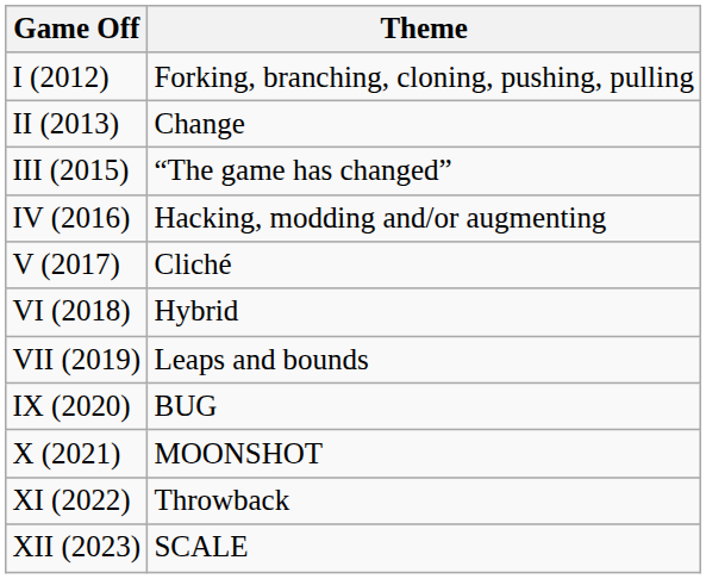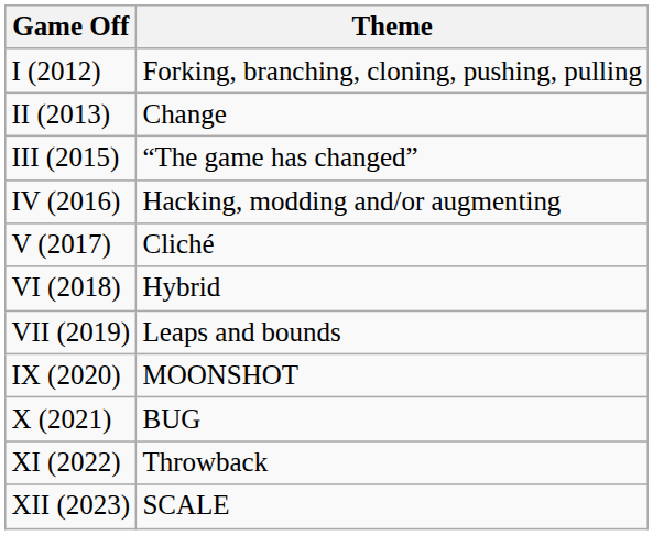 <table class="wikitable">
 <tr>
 <th>Game Off</th>
 <th>Theme</th>
 </tr>
 <tr>
 <td>I (2012)</td>
 <td>Forking, branching, cloning, pushing, pulling </td>
 </tr>
 <tr>
 <td>II (2013)</td>
 <td>Change </td>
 </tr>
 <tr>
 <td>III (2015)</td>
 <td>“The game has changed” </td>
 </tr>
 <tr>
 <td>IV (2016)</td>
 <td>Hacking, modding and/or augmenting </td>
 </tr>
 <tr>
 <td>V (2017)</td>
 <td>Cliché</td>
 </tr>
 <tr>
 <td>VI (2018)</td>
 <td>Hybrid</td>
 </tr>
 <tr>
 <td>VII (2019)</td>
 <td>Leaps and bounds</td>
 </tr>
 <tr>
 <td>IX (2020)</td>
-<td>BUG</td>
+<td>MOONSHOT</td>
 </tr>
 <tr>
 <td>X (2021)</td>
-<td>MOONSHOT</td>
+<td>BUG</td>
 </tr>
 <tr>
 <td>XI (2022)</td>
 <td>Throwback </td>
 </tr>
 <tr>
 <td>XII (2023)</td>
 <td>SCALE</td>
 </tr>
 </table>
